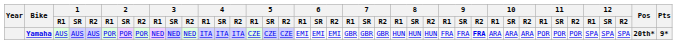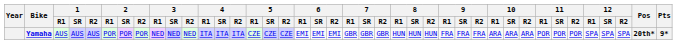 <table class="wikitable" style="text-align:center; font-size:90%;">
 <tr>
 <th rowspan="2">Year</th>
 <th rowspan="2">Bike</th>
 <th colspan="3">1</th>
 <th colspan="3">2</th>
 <th colspan="3">3</th>
 <th colspan="3">4</th>
 <th colspan="3">5</th>
 <th colspan="3">6</th>
 <th colspan="3">7</th>
 <th colspan="3">8</th>
 <th colspan="3">9</th>
 <th colspan="3">10</th>
 <th colspan="3">11</th>
 <th colspan="3">12</th>
 <th rowspan="2">Pos</th>
 <th rowspan="2">Pts</th>
 </tr>
 <tr>
 <th>R1</th>
 <th>SR</th>
 <th>R2</th>
 <th>R1</th>
 <th>SR</th>
 <th>R2</th>
 <th>R1</th>
 <th>SR</th>
 <th>R2</th>
 <th>R1</th>
 <th>SR</th>
 <th>R2</th>
 <th>R1</th>
 <th>SR</th>
 <th>R2</th>
 <th>R1</th>
 <th>SR</th>
 <th>R2</th>
 <th>R1</th>
 <th>SR</th>
 <th>R2</th>
 <th>R1</th>
 <th>SR</th>
 <th>R2</th>
 <th>R1</th>
 <th>SR</th>
 <th>R2</th>
 <th>R1</th>
 <th>SR</th>
 <th>R2</th>
 <th>R1</th>
 <th>SR</th>
 <th>R2</th>
 <th>R1</th>
 <th>SR</th>
 <th>R2</th>
 </tr>
 <tr>
 <th></th>
 <th><a href='#'>Yamaha</a></th>
 <td style="background:#DFFFDF;"><a href='#'>AUS</a><br></td>
 <td style="background:#CFCFFF;"><a href='#'>AUS</a><br></td>
 <td style="background:#CFCFFF;"><a href='#'>AUS</a><br></td>
 <td style="background:#DFFFDF;"><a href='#'>POR</a><br></td>
 <td style="background:#EFCFFF;"><a href='#'>POR</a><br></td>
 <td style="background:#DFFFDF;"><a href='#'>POR</a><br></td>
 <td style="background:#EFCFFF;"><a href='#'>NED</a><br> </td>
 <td style="background:#CFCFFF;"><a href='#'>NED</a><br></td>
 <td style="background:#DFFFDF;"><a href='#'>NED</a><br></td>
 <td style="background:#CFCFFF;"><a href='#'>ITA</a><br></td>
 <td style="background:#CFCFFF;"><a href='#'>ITA</a><br></td>
 <td style="background:#CFCFFF;"><a href='#'>ITA</a><br></td>
 <td style="background:#DFFFDF;"><a href='#'>CZE</a><br></td>
 <td style="background:#CFCFFF;"><a href='#'>CZE</a><br></td>
 <td style="background:#CFCFFF;"><a href='#'>CZE</a><br></td>
 <td><a href='#'>EMI</a></td>
 <td><a href='#'>EMI</a></td>
 <td><a href='#'>EMI</a></td>
 <td><a href='#'>GBR</a></td>
 <td><a href='#'>GBR</a></td>
 <td><a href='#'>GBR</a></td>
 <td><a href='#'>HUN</a></td>
 <td><a href='#'>HUN</a></td>
 <td><a href='#'>HUN</a></td>
 <td><a href='#'>FRA</a></td>
 <td><a href='#'>FRA</a></td>
-<td><strong><a href='#'>FRA</a></strong></td>
+<td><a href='#'>FRA</a></td>
 <td><a href='#'>ARA</a></td>
 <td><a href='#'>ARA</a></td>
 <td><a href='#'>ARA</a></td>
 <td><a href='#'>POR</a></td>
 <td><a href='#'>POR</a></td>
 <td><a href='#'>POR</a></td>
 <td><a href='#'>SPA</a></td>
 <td><a href='#'>SPA</a></td>
 <td><a href='#'>SPA</a></td>
 <th>20th*</th>
 <th>9*</th>
 </tr>
 </table>
